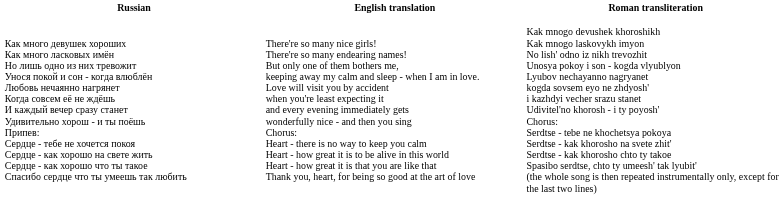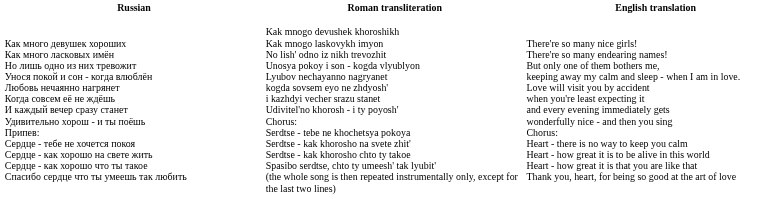 <table valign="top" width="100%">
 <tr>
 <th>Russian</th>
+<th>Roman transliteration</th>
 <th>English translation</th>
-<th>Roman transliteration</th>
 </tr>
 <tr>
 <td width="30%"><br>Как много девушек хороших <br> Как много ласковых имён <br> Но лишь одно из них тревожит <br> Унося покой и сон - когда влюблён<br>Любовь нечаянно нагрянет <br> Когда совсем её не ждёшь <br> И каждый вечер сразу станет <br> Удивительно хорош - и ты поёшь<br>Припев: <br> Сердце - тебе не хочется покоя <br> Сердце - как хорошо на свете жить <br> Сердце - как хорошо что ты такое <br> Спасибо сердце что ты умеешь так любить</td>
+<td width="30%"><br>Kak mnogo devushek khoroshikh <br> Kak mnogo laskovykh imyon <br> No lish' odno iz nikh trevozhit <br> Unosya pokoy i son - kogda vlyublyon<br>Lyubov nechayanno nagryanet <br> kogda sovsem eyo ne zhdyosh' <br> i kazhdyi vecher srazu stanet <br> Udivitel'no khorosh - i ty poyosh'<br>Chorus: <br> Serdtse - tebe ne khochetsya pokoya <br> Serdtse - kak khorosho na svete zhit' <br> Serdtse - kak khorosho chto ty takoe <br> Spasibo serdtse, chto ty umeesh' tak lyubit' <br> (the whole song is then repeated instrumentally only, except for the last two lines)</td>
 <td width="30%"><br>There're so many nice girls! <br> There're so many endearing names! <br> But only one of them bothers me, <br> keeping away my calm and sleep - when I am in love.<br>Love will visit you by accident <br> when you're least expecting it <br> and every evening immediately gets <br> wonderfully nice - and then you sing<br>Chorus: <br> Heart - there is no way to keep you calm <br> Heart - how great it is to be alive in this world <br> Heart - how great it is that you are like that <br> Thank you, heart, for being so good at the art of love</td>
-<td width="30%"><br>Kak mnogo devushek khoroshikh <br> Kak mnogo laskovykh imyon <br> No lish' odno iz nikh trevozhit <br> Unosya pokoy i son - kogda vlyublyon<br>Lyubov nechayanno nagryanet <br> kogda sovsem eyo ne zhdyosh' <br> i kazhdyi vecher srazu stanet <br> Udivitel'no khorosh - i ty poyosh'<br>Chorus: <br> Serdtse - tebe ne khochetsya pokoya <br> Serdtse - kak khorosho na svete zhit' <br> Serdtse - kak khorosho chto ty takoe <br> Spasibo serdtse, chto ty umeesh' tak lyubit' <br> (the whole song is then repeated instrumentally only, except for the last two lines)</td>
 </tr>
 </table>
